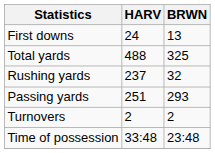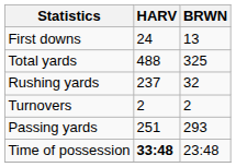 <table class="wikitable">
 <tr>
 <th>Statistics</th>
 <th>HARV</th>
 <th>BRWN</th>
 </tr>
 <tr>
 <td>First downs</td>
 <td>24</td>
 <td>13</td>
 </tr>
 <tr>
 <td>Total yards</td>
 <td>488</td>
 <td>325</td>
 </tr>
 <tr>
 <td>Rushing yards</td>
 <td>237</td>
 <td>32</td>
 </tr>
 <tr>
+<td>Turnovers</td>
+<td>2</td>
+<td>2</td>
+</tr>
+<tr>
 <td>Passing yards</td>
 <td>251</td>
 <td>293</td>
 </tr>
 <tr>
-<td>Turnovers</td>
-<td>2</td>
-<td>2</td>
-</tr>
-<tr>
 <td>Time of possession</td>
-<td>33:48</td>
+<td><strong>33:48</strong></td>
 <td>23:48</td>
 </tr>
 <tr>
 </tr>
 </table>
